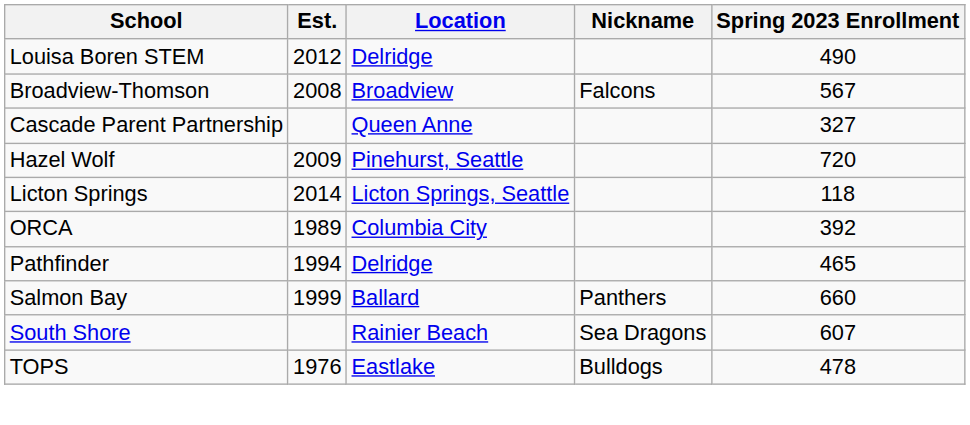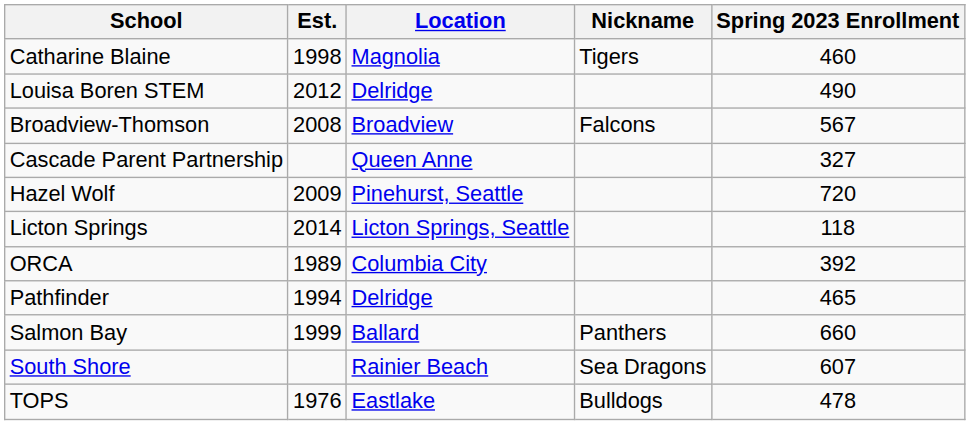 <table class="wikitable sortable">
 <tr>
 <th>School</th>
 <th align="center">Est.</th>
 <th><a href='#'>Location</a></th>
 <th>Nickname</th>
 <th>Spring 2023 Enrollment</th>
+</tr>
+<tr>
+<td>Catharine Blaine</td>
+<td align="center">1998</td>
+<td><a href='#'>Magnolia</a></td>
+<td>Tigers</td>
+<td align="center">460</td>
 </tr>
 <tr>
 <td>Louisa Boren STEM</td>
 <td align="center">2012</td>
 <td><a href='#'>Delridge</a></td>
 <td></td>
 <td align="center">490</td>
 </tr>
 <tr>
 <td>Broadview-Thomson</td>
 <td align="center">2008</td>
 <td><a href='#'>Broadview</a></td>
 <td>Falcons</td>
 <td align="center">567</td>
 </tr>
 <tr>
 <td>Cascade Parent Partnership</td>
 <td></td>
 <td><a href='#'>Queen Anne</a></td>
 <td></td>
 <td align="center">327</td>
 </tr>
 <tr>
 <td>Hazel Wolf</td>
 <td align="center">2009</td>
 <td><a href='#'>Pinehurst, Seattle</a></td>
 <td></td>
 <td align="center">720</td>
 </tr>
 <tr>
 <td>Licton Springs</td>
 <td align="center">2014</td>
 <td><a href='#'>Licton Springs, Seattle</a></td>
 <td></td>
 <td align="center">118</td>
 </tr>
 <tr>
 <td>ORCA</td>
 <td align="center">1989</td>
 <td><a href='#'>Columbia City</a></td>
 <td></td>
 <td align="center">392</td>
 </tr>
 <tr>
 <td>Pathfinder</td>
 <td align="center">1994</td>
 <td><a href='#'>Delridge</a></td>
 <td></td>
 <td align="center">465</td>
 </tr>
 <tr>
 <td>Salmon Bay</td>
 <td align="center">1999</td>
 <td><a href='#'>Ballard</a></td>
 <td>Panthers</td>
 <td align="center">660</td>
 </tr>
 <tr>
 <td><a href='#'>South Shore</a></td>
 <td align="center"></td>
 <td><a href='#'>Rainier Beach</a></td>
 <td>Sea Dragons</td>
 <td align="center">607</td>
 </tr>
 <tr>
 <td>TOPS</td>
 <td align="center">1976</td>
 <td><a href='#'>Eastlake</a></td>
 <td>Bulldogs</td>
 <td align="center">478</td>
 </tr>
 </table>
